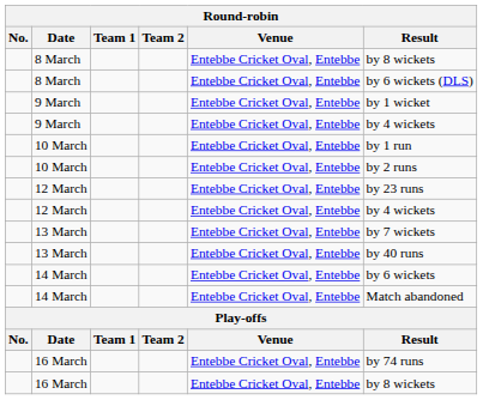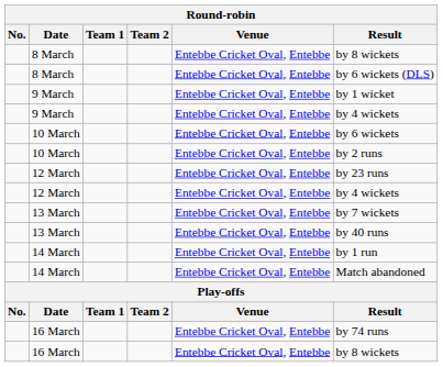 <table class="wikitable">
 <tr>
 <th colspan="6">Round-robin</th>
 </tr>
 <tr>
 <th>No.</th>
 <th>Date</th>
 <th>Team 1</th>
 <th>Team 2</th>
 <th>Venue</th>
 <th>Result</th>
 </tr>
 <tr>
 <td></td>
 <td>8 March</td>
 <td></td>
 <td></td>
 <td><a href='#'>Entebbe Cricket Oval</a>, <a href='#'>Entebbe</a></td>
 <td> by 8 wickets</td>
 </tr>
 <tr>
 <td></td>
 <td>8 March</td>
 <td></td>
 <td></td>
 <td><a href='#'>Entebbe Cricket Oval</a>, <a href='#'>Entebbe</a></td>
 <td> by 6 wickets (<a href='#'>DLS</a>)</td>
 </tr>
 <tr>
 <td></td>
 <td>9 March</td>
 <td></td>
 <td></td>
 <td><a href='#'>Entebbe Cricket Oval</a>, <a href='#'>Entebbe</a></td>
 <td> by 1 wicket</td>
 </tr>
 <tr>
 <td></td>
 <td>9 March</td>
 <td></td>
 <td></td>
 <td><a href='#'>Entebbe Cricket Oval</a>, <a href='#'>Entebbe</a></td>
 <td> by 4 wickets</td>
 </tr>
 <tr>
 <td></td>
 <td>10 March</td>
 <td></td>
 <td></td>
 <td><a href='#'>Entebbe Cricket Oval</a>, <a href='#'>Entebbe</a></td>
-<td> by 1 run</td>
+<td> by 6 wickets</td>
 </tr>
 <tr>
 <td></td>
 <td>10 March</td>
 <td></td>
 <td></td>
 <td><a href='#'>Entebbe Cricket Oval</a>, <a href='#'>Entebbe</a></td>
 <td> by 2 runs</td>
 </tr>
 <tr>
 <td></td>
 <td>12 March</td>
 <td></td>
 <td></td>
 <td><a href='#'>Entebbe Cricket Oval</a>, <a href='#'>Entebbe</a></td>
 <td> by 23 runs</td>
 </tr>
 <tr>
 <td></td>
 <td>12 March</td>
 <td></td>
 <td></td>
 <td><a href='#'>Entebbe Cricket Oval</a>, <a href='#'>Entebbe</a></td>
 <td> by 4 wickets</td>
 </tr>
 <tr>
 <td></td>
 <td>13 March</td>
 <td></td>
 <td></td>
 <td><a href='#'>Entebbe Cricket Oval</a>, <a href='#'>Entebbe</a></td>
 <td> by 7 wickets</td>
 </tr>
 <tr>
 <td></td>
 <td>13 March</td>
 <td></td>
 <td></td>
 <td><a href='#'>Entebbe Cricket Oval</a>, <a href='#'>Entebbe</a></td>
 <td> by 40 runs</td>
 </tr>
 <tr>
 <td></td>
 <td>14 March</td>
 <td></td>
 <td></td>
 <td><a href='#'>Entebbe Cricket Oval</a>, <a href='#'>Entebbe</a></td>
-<td> by 6 wickets</td>
+<td> by 1 run</td>
 </tr>
 <tr>
 <td></td>
 <td>14 March</td>
 <td></td>
 <td></td>
 <td><a href='#'>Entebbe Cricket Oval</a>, <a href='#'>Entebbe</a></td>
 <td>Match abandoned</td>
 </tr>
 <tr>
 <th colspan="6">Play-offs</th>
 </tr>
 <tr>
 <th>No.</th>
 <th>Date</th>
 <th>Team 1</th>
 <th>Team 2</th>
 <th>Venue</th>
 <th>Result</th>
 </tr>
 <tr>
 <td></td>
 <td>16 March</td>
 <td></td>
 <td></td>
 <td><a href='#'>Entebbe Cricket Oval</a>, <a href='#'>Entebbe</a></td>
 <td> by 74 runs</td>
 </tr>
 <tr>
 <td></td>
 <td>16 March</td>
 <td></td>
 <td></td>
 <td><a href='#'>Entebbe Cricket Oval</a>, <a href='#'>Entebbe</a></td>
 <td> by 8 wickets</td>
 </tr>
 </table>
